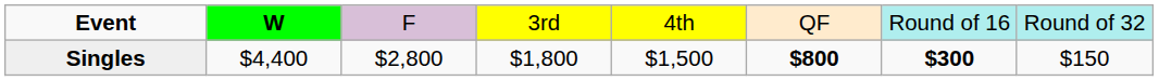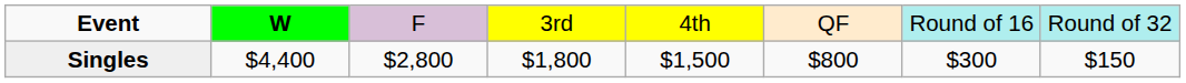 <table class=wikitable style=font-size:95%;text-align:center>
 <tr>
 <td style="width:130px"><strong>Event</strong></td>
 <td style="width:85px; background:lime"><strong>W</strong></td>
 <td style="width:85px; background:thistle">F</td>
 <td style="width:85px; background:#ffff00">3rd</td>
 <td style="width:85px; background:#ffff00">4th</td>
 <td style="width:85px; background:#ffebcd">QF</td>
 <td style="width:85px; background:#afeeee">Round of 16</td>
 <td style="width:85px; background:#afeeee">Round of 32</td>
 </tr>
 <tr>
 <th style=background:#efefef>Singles </th>
 <td>$4,400</td>
 <td>$2,800</td>
 <td>$1,800</td>
 <td>$1,500</td>
-<td><strong>$800</strong></td>
-<td><strong>$300</strong></td>
+<td>$800</td>
+<td>$300</td>
 <td>$150</td>
 </tr>
 </table>
